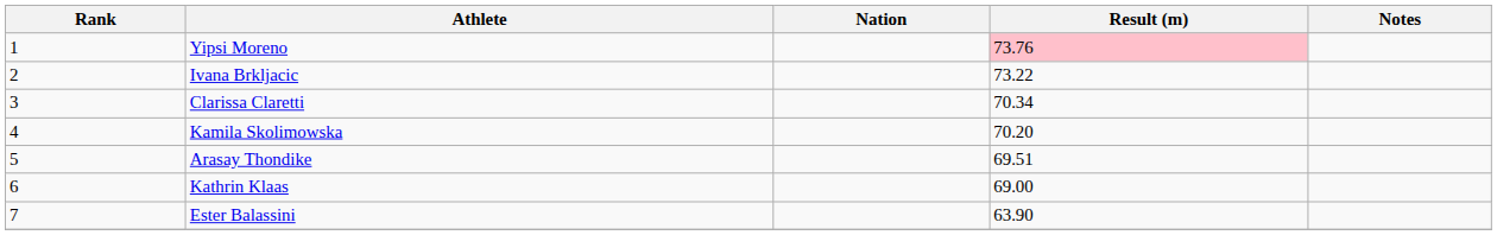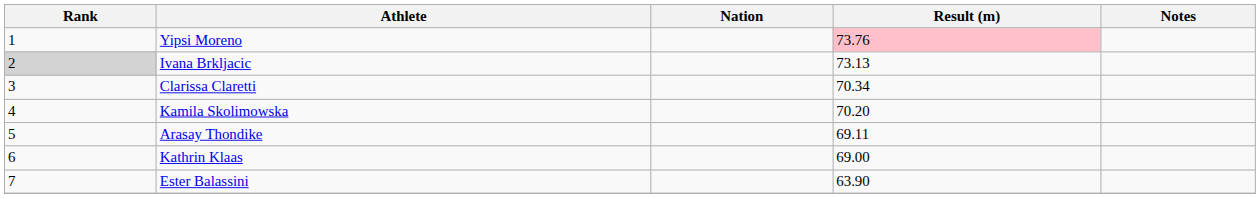 <table class="wikitable" style="text=align:center;" width=85%>
 <tr>
 <th>Rank</th>
 <th>Athlete</th>
 <th>Nation</th>
 <th>Result (m)</th>
 <th>Notes</th>
 </tr>
 <tr>
 <td>1</td>
 <td><a href='#'>Yipsi Moreno</a></td>
 <td></td>
 <td style="background: pink;">73.76</td>
 <td></td>
 </tr>
 <tr>
-<td>2</td>
+<td style="background: lightgrey;">2</td>
 <td><a href='#'>Ivana Brkljacic</a></td>
 <td></td>
-<td>73.22</td>
+<td>73.13</td>
 <td></td>
 </tr>
 <tr>
 <td>3</td>
 <td><a href='#'>Clarissa Claretti</a></td>
 <td></td>
 <td>70.34</td>
 <td></td>
 </tr>
 <tr>
 <td>4</td>
 <td><a href='#'>Kamila Skolimowska</a></td>
 <td></td>
 <td>70.20</td>
 <td></td>
 </tr>
 <tr>
 <td>5</td>
 <td><a href='#'>Arasay Thondike</a></td>
 <td></td>
-<td>69.51</td>
+<td>69.11</td>
 <td></td>
 </tr>
 <tr>
 <td>6</td>
 <td><a href='#'>Kathrin Klaas</a></td>
 <td></td>
 <td>69.00</td>
 <td></td>
 </tr>
 <tr>
 <td>7</td>
 <td><a href='#'>Ester Balassini</a></td>
 <td></td>
 <td>63.90</td>
 <td></td>
 </tr>
 <tr>
 </tr>
 </table>
